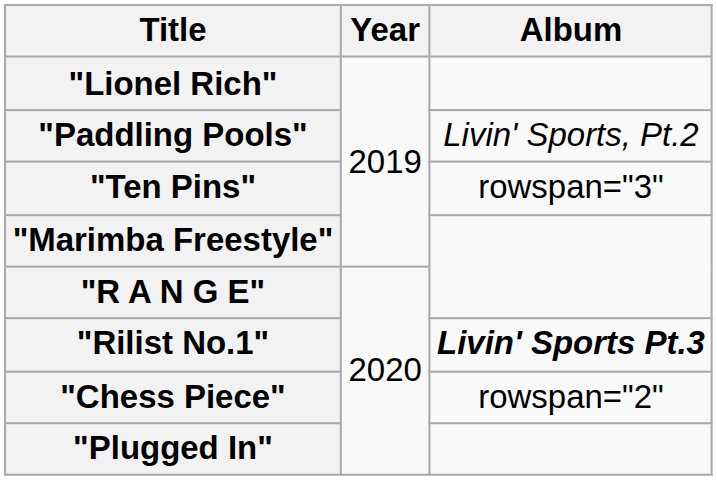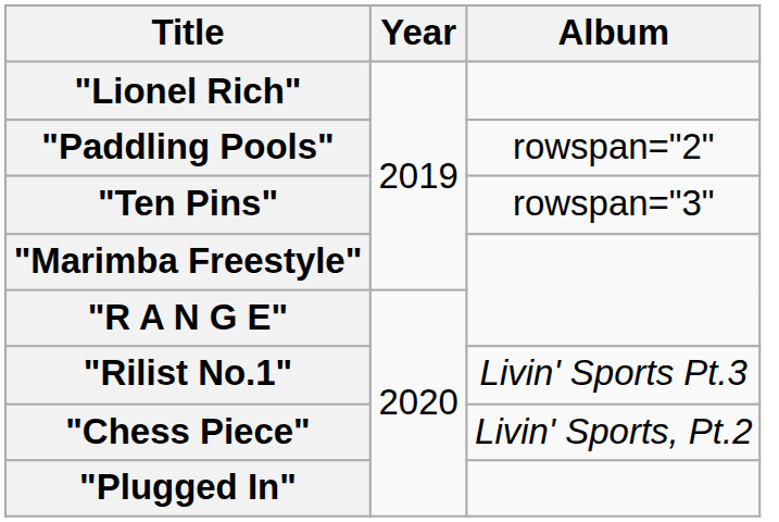 <table class="wikitable plainrowheaders" style="text-align:center;">
 <tr>
 <th scope="col">Title</th>
 <th scope="col">Year</th>
 <th scope="col">Album</th>
 </tr>
 <tr>
 <th scope="row">"Lionel Rich"</th>
 <td rowspan="4">2019</td>
 <td></td>
 </tr>
 <tr>
 <th scope="row">"Paddling Pools"</th>
-<td><em>Livin' Sports, Pt.2</em></td>
+<td>rowspan="2" </td>
 </tr>
 <tr>
 <th scope="row">"Ten Pins"<br></th>
 <td>rowspan="3" </td>
 </tr>
 <tr>
 <th scope="row">"Marimba Freestyle"<br></th>
 </tr>
 <tr>
 <th scope="row">"R A N G E"</th>
 <td rowspan="4">2020</td>
 </tr>
 <tr>
 <th scope="row">"Rilist No.1"</th>
-<td><strong><em>Livin' Sports Pt.3</em></strong></td>
+<td><em>Livin' Sports Pt.3</em></td>
 </tr>
 <tr>
 <th scope="row">"Chess Piece"<br></th>
-<td>rowspan="2" </td>
+<td><em>Livin' Sports, Pt.2</em></td>
 </tr>
 <tr>
 <th scope="row">"Plugged In"<br></th>
 </tr>
 </table>
